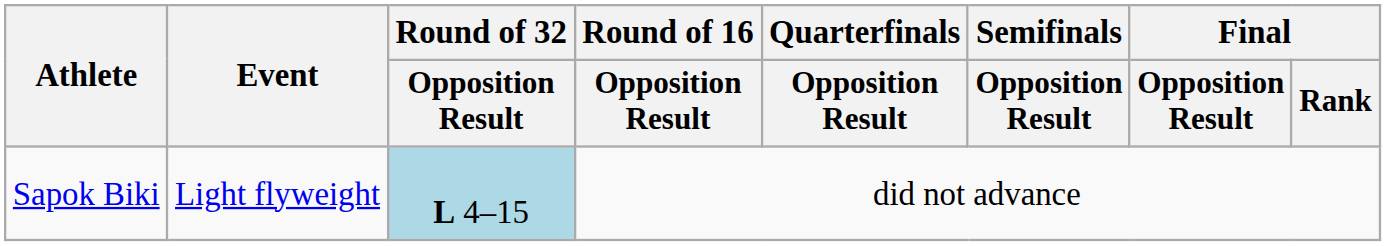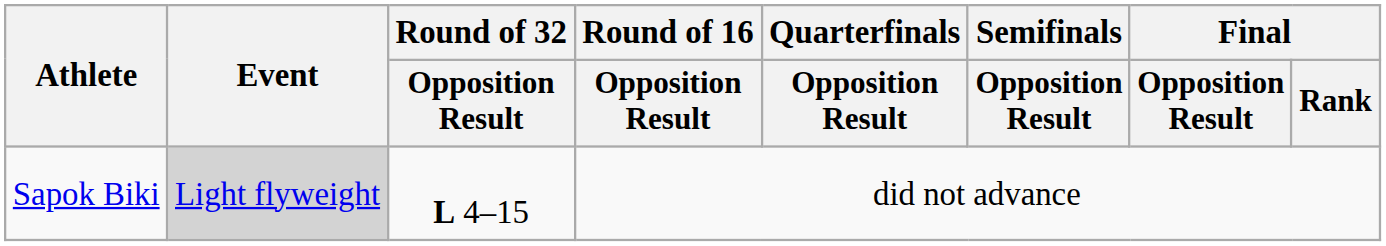 <table class="wikitable" style="font-size:90%;">
 <tr>
 <th rowspan=2>Athlete</th>
 <th rowspan=2>Event</th>
 <th>Round of 32</th>
 <th>Round of 16</th>
 <th>Quarterfinals</th>
 <th>Semifinals</th>
 <th colspan=2>Final</th>
 </tr>
 <tr style="font-size:95%">
 <th>Opposition<br>Result</th>
 <th>Opposition<br>Result</th>
 <th>Opposition<br>Result</th>
 <th>Opposition<br>Result</th>
 <th>Opposition<br>Result</th>
 <th>Rank</th>
 </tr>
 <tr align=center>
 <td align=left><a href='#'>Sapok Biki</a></td>
-<td align=left><a href='#'>Light flyweight</a></td>
-<td style="background: lightblue;"><br><strong>L</strong> 4–15</td>
+<td align=left style="background: lightgrey;"><a href='#'>Light flyweight</a></td>
+<td><br><strong>L</strong> 4–15</td>
 <td colspan=5>did not advance</td>
 </tr>
 </table>
